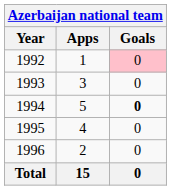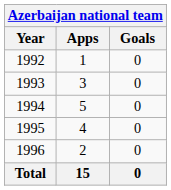 <table class="wikitable" style="text-align:center">
 <tr>
 <th colspan=3><a href='#'>Azerbaijan national team</a></th>
 </tr>
 <tr>
 <th>Year</th>
 <th>Apps</th>
 <th>Goals</th>
 </tr>
 <tr>
 <td>1992</td>
 <td>1</td>
-<td style="background: pink;">0</td>
+<td>0</td>
 </tr>
 <tr>
 <td>1993</td>
 <td>3</td>
 <td>0</td>
 </tr>
 <tr>
 <td>1994</td>
 <td>5</td>
-<td><strong>0</strong></td>
+<td>0</td>
 </tr>
 <tr>
 <td>1995</td>
 <td>4</td>
 <td>0</td>
 </tr>
 <tr>
 <td>1996</td>
 <td>2</td>
 <td>0</td>
 </tr>
 <tr>
 <th>Total</th>
 <th>15</th>
 <th>0</th>
 </tr>
 </table>
